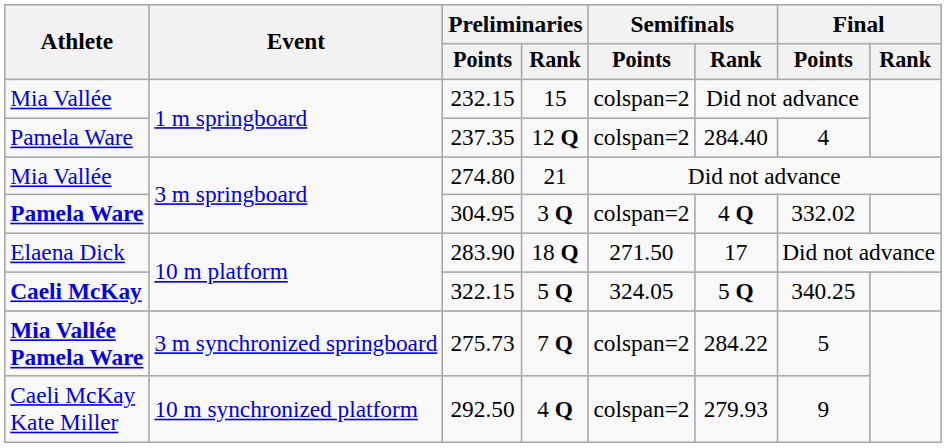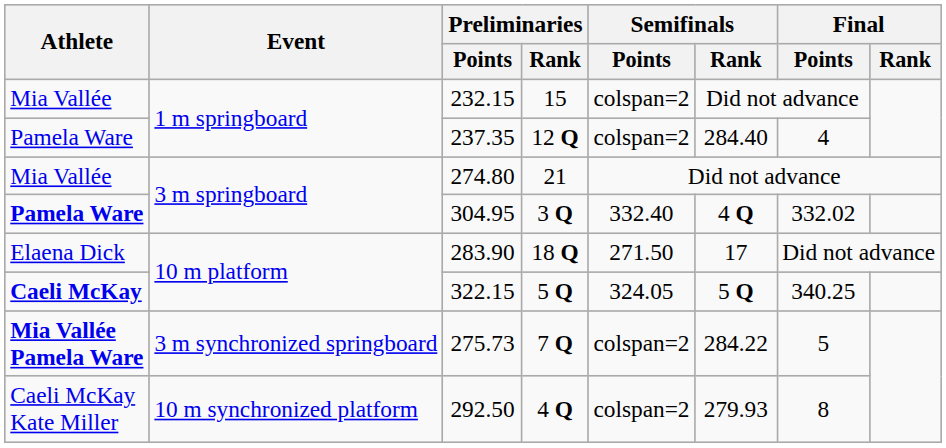 <table class="wikitable" style="text-align:center; font-size:90%;">
 <tr>
 <th rowspan=2>Athlete</th>
 <th rowspan=2>Event</th>
 <th colspan=2>Preliminaries</th>
 <th colspan=2>Semifinals</th>
 <th colspan=2>Final</th>
 </tr>
 <tr style="font-size:95%">
 <th>Points</th>
 <th>Rank</th>
 <th>Points</th>
 <th>Rank</th>
 <th>Points</th>
 <th>Rank</th>
 </tr>
 <tr>
 <td align=left><a href='#'>Mia Vallée</a></td>
 <td align=left rowspan=2><a href='#'>1 m springboard</a></td>
 <td>232.15</td>
 <td>15</td>
 <td>colspan=2 </td>
 <td colspan=2>Did not advance</td>
 </tr>
 <tr>
 <td align=left><a href='#'>Pamela Ware</a></td>
 <td>237.35</td>
 <td>12 <strong>Q</strong></td>
 <td>colspan=2 </td>
 <td>284.40</td>
 <td>4</td>
 </tr>
 <tr>
 <td align=left><a href='#'>Mia Vallée</a></td>
 <td align=left rowspan=2><a href='#'>3 m springboard</a></td>
 <td>274.80</td>
 <td>21</td>
 <td colspan=4>Did not advance</td>
 </tr>
 <tr>
 <td align=left><strong><a href='#'>Pamela Ware</a></strong></td>
 <td>304.95</td>
 <td>3 <strong>Q</strong></td>
-<td>colspan=2 </td>
+<td>332.40</td>
 <td>4 <strong>Q</strong></td>
 <td>332.02</td>
 <td></td>
 </tr>
 <tr>
 <td align=left><a href='#'>Elaena Dick</a></td>
 <td align=left rowspan=2><a href='#'>10 m platform</a></td>
 <td>283.90</td>
 <td>18 <strong>Q</strong></td>
 <td>271.50</td>
 <td>17</td>
 <td colspan=2>Did not advance</td>
 </tr>
 <tr>
 <td align=left><strong><a href='#'>Caeli McKay</a></strong></td>
 <td>322.15</td>
 <td>5 <strong>Q</strong></td>
 <td>324.05</td>
 <td>5 <strong>Q</strong></td>
 <td>340.25</td>
 <td></td>
 </tr>
 <tr>
 <td align=left><strong><a href='#'>Mia Vallée</a><br> <a href='#'>Pamela Ware</a></strong></td>
 <td align=left><a href='#'>3 m synchronized springboard</a></td>
 <td>275.73</td>
 <td>7 <strong>Q</strong></td>
 <td>colspan=2 </td>
 <td>284.22</td>
 <td>5</td>
 </tr>
 <tr>
 <td align=left><a href='#'>Caeli McKay</a><br> <a href='#'>Kate Miller</a></td>
 <td align=left><a href='#'>10 m synchronized platform</a></td>
 <td>292.50</td>
 <td>4 <strong>Q</strong></td>
 <td>colspan=2 </td>
 <td>279.93</td>
-<td>9</td>
+<td>8</td>
 </tr>
 </table>
